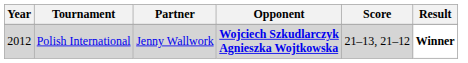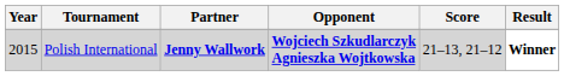 <table class="sortable wikitable" style="font-size: 90%;">
 <tr>
 <th>Year</th>
 <th>Tournament</th>
 <th>Partner</th>
 <th>Opponent</th>
 <th>Score</th>
 <th>Result</th>
 </tr>
 <tr>
 </tr>
 <tr style="background:#D5D5D5">
-<td align="center">2012</td>
+<td align="center">2015</td>
 <td align="left"><a href='#'>Polish International</a></td>
-<td align="left"> <a href='#'>Jenny Wallwork</a></td>
+<td align="left"><strong> <a href='#'>Jenny Wallwork</a></strong></td>
 <td align="left"><strong> <a href='#'>Wojciech Szkudlarczyk</a><br> <a href='#'>Agnieszka Wojtkowska</a></strong></td>
 <td align="left">21–13, 21–12</td>
 <td style="text-align:left; background:white"> <strong>Winner</strong></td>
 </tr>
 </table>
